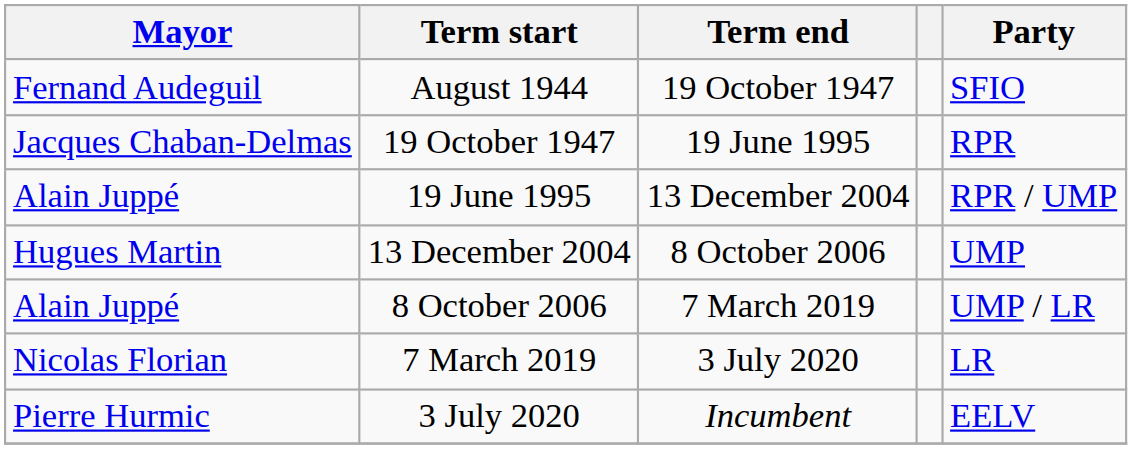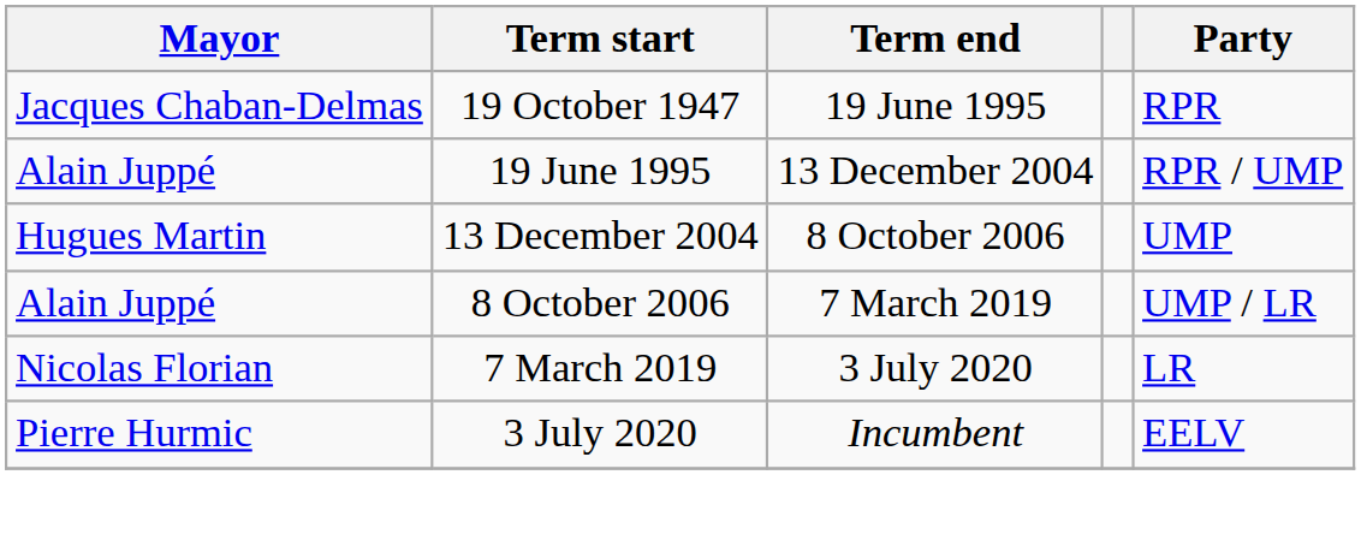 <table class="wikitable">
 <tr>
 <th><a href='#'>Mayor</a></th>
 <th>Term start</th>
 <th>Term end</th>
 <th class=unsortable> </th>
 <th>Party</th>
-</tr>
-<tr>
-<td><a href='#'>Fernand Audeguil</a></td>
-<td align=center>August 1944</td>
-<td align=center>19 October 1947</td>
-<td style="color:inherit;background:"></td>
-<td><a href='#'>SFIO</a></td>
 </tr>
 <tr>
 <td><a href='#'>Jacques Chaban-Delmas</a></td>
 <td align=center>19 October 1947</td>
 <td align=center>19 June 1995</td>
 <td style="color:inherit;background:"></td>
 <td><a href='#'>RPR</a></td>
 </tr>
 <tr>
 <td><a href='#'>Alain Juppé</a></td>
 <td align=center>19 June 1995</td>
 <td align=center>13 December 2004</td>
 <td style="color:inherit;background:"></td>
 <td><a href='#'>RPR</a> / <a href='#'>UMP</a></td>
 </tr>
 <tr>
 <td><a href='#'>Hugues Martin</a></td>
 <td align=center>13 December 2004</td>
 <td align=center>8 October 2006</td>
 <td style="color:inherit;background:"></td>
 <td><a href='#'>UMP</a></td>
 </tr>
 <tr>
 <td><a href='#'>Alain Juppé</a></td>
 <td align=center>8 October 2006</td>
 <td align=center>7 March 2019</td>
 <td style="color:inherit;background:"></td>
 <td><a href='#'>UMP</a> / <a href='#'>LR</a></td>
 </tr>
 <tr>
 <td><a href='#'>Nicolas Florian</a></td>
 <td align=center>7 March 2019</td>
 <td align=center>3 July 2020</td>
 <td style="color:inherit;background:"></td>
 <td><a href='#'>LR</a></td>
 </tr>
 <tr>
 <td><a href='#'>Pierre Hurmic</a></td>
 <td align=center>3 July 2020</td>
 <td align=center><em>Incumbent</em></td>
 <td style="color:inherit;background:"></td>
 <td><a href='#'>EELV</a></td>
 </tr>
 <tr>
 </tr>
 </table>
